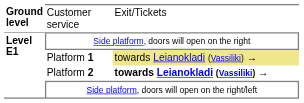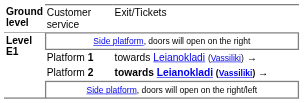 <table table border=0 cellspacing=0 cellpadding=3>
 <tr>
 <td style="border-bottom:solid 1px gray;" width=50 valign=top><strong>Ground level</strong></td>
 <td style="border-top:solid 2px gray;border-bottom:solid 1px gray;" width=100 valign=top>Customer service</td>
 <td style="border-top:solid 2px gray;border-bottom:solid 1px gray;" width=285 valign=top>Exit/Tickets</td>
 </tr>
 <tr>
 <td style="border-bottom:solid 2px gray;" rowspan=5 valign=top><strong>Level<br>Ε1</strong></td>
 <td style="border-top:solid 1px gray;border-right:solid 2px gray;border-left:solid 2px gray;border-bottom:solid 2px gray;text-align:center;" colspan=2><small><a href='#'>Side platform</a>, doors will open on the right</small></td>
 </tr>
 <tr>
 <td>Platform <span><strong>1</strong></span></td>
-<td style="background: khaki;"> towards <a href='#'>Leianokladi</a> <small>(<a href='#'>Vassiliki</a>)</small> →</td>
+<td> towards <a href='#'>Leianokladi</a> <small>(<a href='#'>Vassiliki</a>)</small> →</td>
 </tr>
 <tr>
 <td>Platform <span><strong>2</strong></span></td>
 <td><strong> towards <a href='#'>Leianokladi</a> <small>(<a href='#'>Vassiliki</a>)</small> →</strong></td>
 </tr>
 <tr>
 <td style="border-top:solid 2px gray;border-right:solid 2px gray;border-left:solid 2px gray;border-bottom:solid 2px gray;text-align:center;" colspan=2><small><a href='#'>Side platform</a>, doors will open on the right/left</small></td>
 </tr>
 </table>
